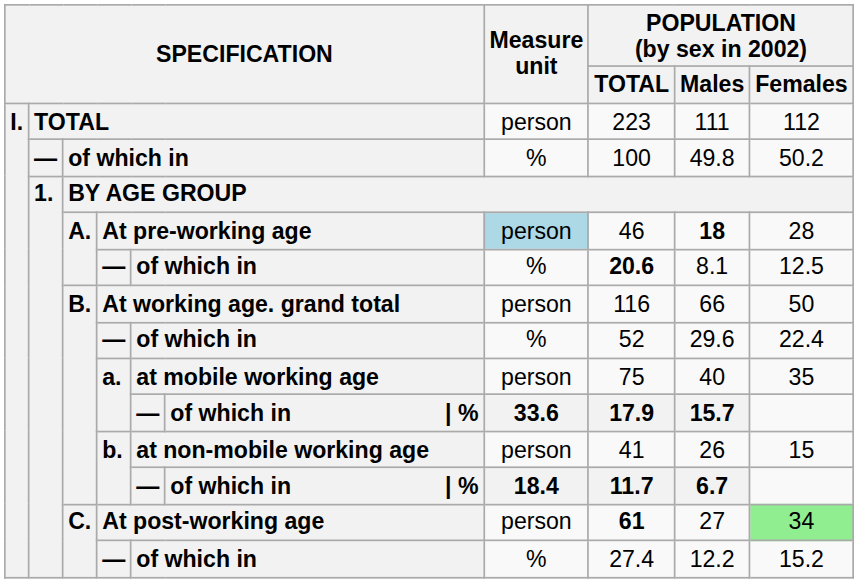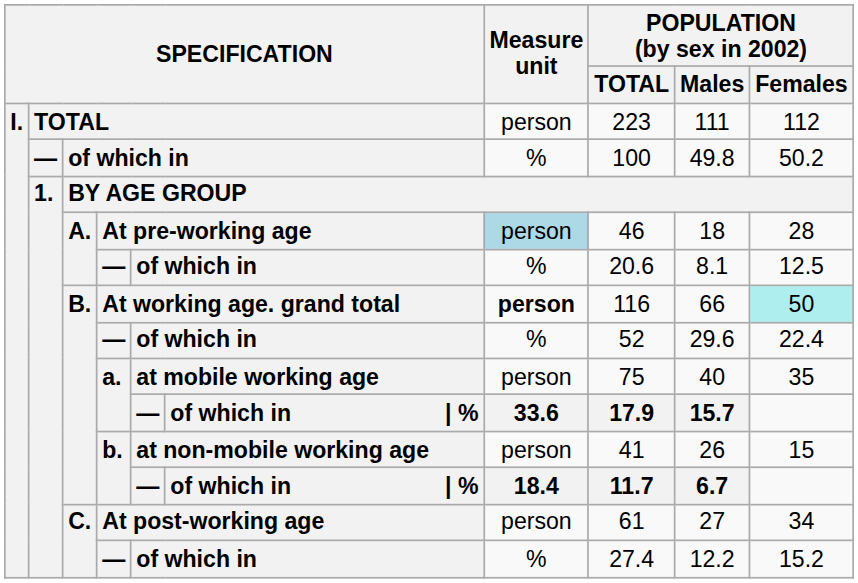 <table class="wikitable" style="font-size:85%; text-align:center">
 <tr>
 <th rowspan="2" colspan="6">SPECIFICATION</th>
 <th rowspan="2">Measure<br> unit</th>
 <th colspan="3" rowspan="1">POPULATION<br> (by sex in 2002)</th>
 </tr>
 <tr>
 <th>TOTAL</th>
 <th>Males</th>
 <th>Females</th>
 </tr>
 <tr>
 <th style="text-align:left" valign="top" rowspan="13">I.</th>
 <th style="text-align:left" colspan="5">TOTAL</th>
 <td>person</td>
 <td>223</td>
 <td>111</td>
 <td>112</td>
 </tr>
 <tr>
 <th style="text-align:left" valign="top">—</th>
 <th style="text-align:left" colspan="4">of which in</th>
 <td>%</td>
 <td>100</td>
 <td>49.8</td>
 <td>50.2</td>
 </tr>
 <tr>
 <th style="text-align:left" valign="top" rowspan="11">1.</th>
 <th style="text-align:left" colspan="19">BY AGE GROUP</th>
 </tr>
 <tr>
 <th style="text-align:left" valign="top" rowspan="2">A.</th>
 <th style="text-align:left" colspan="3">At pre-working age</th>
 <td style="background: lightblue;">person</td>
 <td>46</td>
-<td><strong>18</strong></td>
+<td>18</td>
 <td>28</td>
 </tr>
 <tr>
 <th style="text-align:left" valign="top">—</th>
 <th style="text-align:left" valign="top" colspan="2">of which in</th>
 <td>%</td>
-<td><strong>20.6</strong></td>
+<td>20.6</td>
 <td>8.1</td>
 <td>12.5</td>
 </tr>
 <tr>
 <th style="text-align:left" valign="top" rowspan="6">B.</th>
 <th style="text-align:left" colspan="3">At working age. grand total</th>
-<td>person</td>
+<td><strong>person</strong></td>
 <td>116</td>
 <td>66</td>
-<td>50</td>
+<td style="background: paleturquoise;">50</td>
 </tr>
 <tr>
 <th style="text-align:left" valign="top">—</th>
 <th style="text-align:left" valign="top" colspan="2">of which in</th>
 <td>%</td>
 <td>52</td>
 <td>29.6</td>
 <td>22.4</td>
 </tr>
 <tr>
 <th style="text-align:left" valign="top" rowspan="2">a.</th>
 <th style="text-align:left" colspan="2">at mobile working age</th>
 <td>person</td>
 <td>75</td>
 <td>40</td>
 <td>35</td>
 </tr>
 <tr>
 <th style="text-align:left" valign="top">—</th>
 <th style="text-align:left" valign="top" colspan="1">of which in                        | %</th>
 <th>33.6</th>
 <th>17.9</th>
 <th>15.7</th>
 </tr>
 <tr>
 <th style="text-align:left" valign="top" rowspan="2">b.</th>
 <th style="text-align:left" colspan="2">at non-mobile working age</th>
 <td>person</td>
 <td>41</td>
 <td>26</td>
 <td>15</td>
 </tr>
 <tr>
 <th style="text-align:left" valign="top">—</th>
 <th style="text-align:left" valign="top" colspan="1">of which in                        | %</th>
 <th>18.4</th>
 <th>11.7</th>
 <th>6.7</th>
 </tr>
 <tr>
 <th style="text-align:left" valign="top" rowspan="2">C.</th>
 <th style="text-align:left" colspan="3">At post-working age</th>
 <td>person</td>
-<td><strong>61</strong></td>
+<td>61</td>
 <td>27</td>
-<td style="background: lightgreen;">34</td>
+<td>34</td>
 </tr>
 <tr>
 <th style="text-align:left" valign="top">—</th>
 <th style="text-align:left" valign="top" colspan="2">of which in</th>
 <td>%</td>
 <td>27.4</td>
 <td>12.2</td>
 <td>15.2</td>
 </tr>
 </table>
